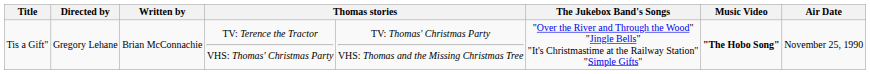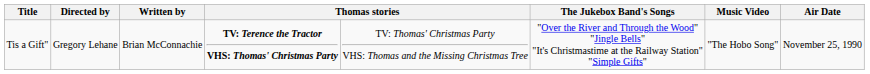 <table class="wikitable" style="text-align:center;">
 <tr>
 <th>Title</th>
 <th>Directed by</th>
 <th>Written by</th>
 <th colspan = "2">Thomas stories</th>
 <th>The Jukebox Band's Songs</th>
 <th>Music Video</th>
 <th>Air Date</th>
 </tr>
 <tr>
 <td>Tis a Gift"</td>
 <td>Gregory Lehane</td>
 <td>Brian McConnachie</td>
-<td>TV: <em>Terence the Tractor</em><hr>VHS: <em>Thomas' Christmas Party</em></td>
+<td><strong>TV: <em>Terence the Tractor</em><hr>VHS: <em>Thomas' Christmas Party</em></strong></td>
 <td>TV: <em>Thomas' Christmas Party</em><hr>VHS: <em>Thomas and the Missing Christmas Tree</em></td>
 <td>"<a href='#'>Over the River and Through the Wood</a>"<br>"<a href='#'>Jingle Bells</a>"<br>"It's Christmastime at the Railway Station"<br>"<a href='#'>Simple Gifts</a>"</td>
-<td><strong>"The Hobo Song"</strong></td>
+<td>"The Hobo Song"</td>
 <td>November 25, 1990</td>
 </tr>
 </table>
